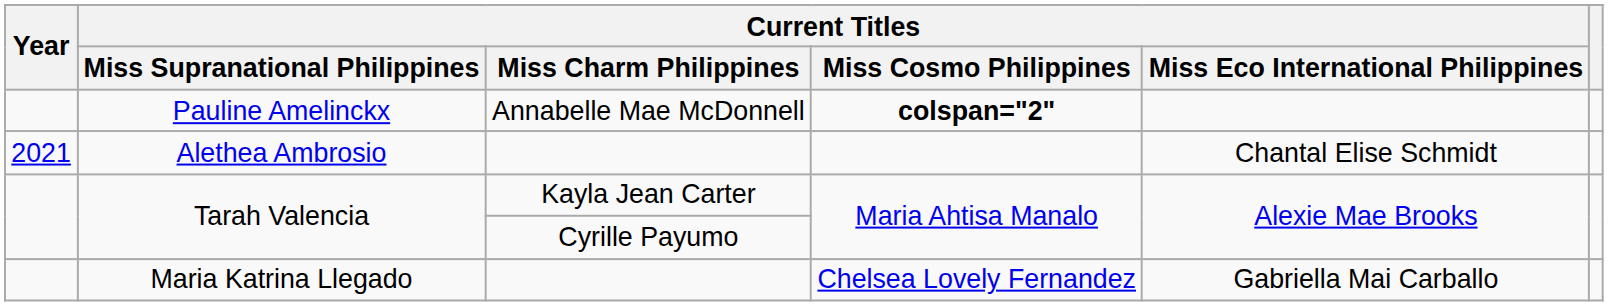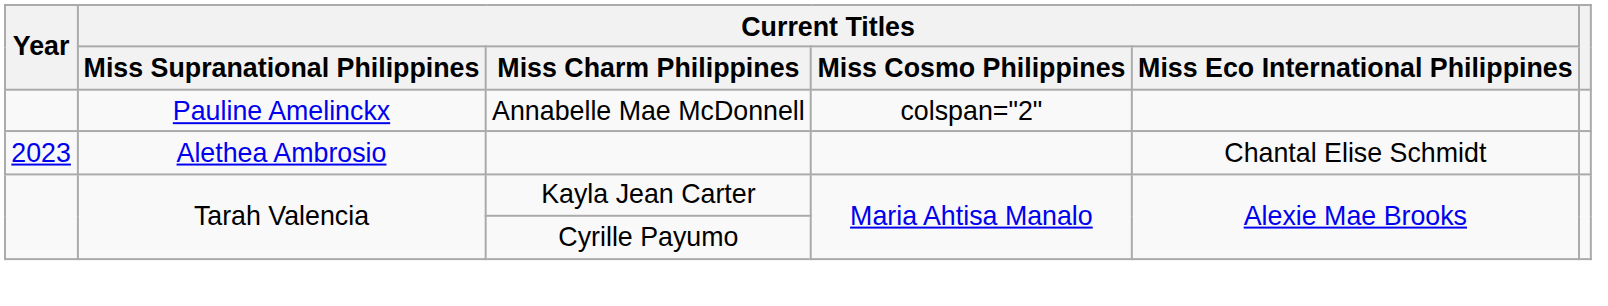 <table class="wikitable" style="text-align:center; font-size:85%">
 <tr>
 <th rowspan="2">Year</th>
 <th colspan="4">Current Titles</th>
 <th rowspan="2"></th>
 </tr>
 <tr>
 <th>Miss Supranational Philippines</th>
 <th>Miss Charm Philippines</th>
 <th>Miss Cosmo Philippines</th>
 <th>Miss Eco International Philippines</th>
 </tr>
 <tr>
 <td></td>
 <td><a href='#'>Pauline Amelinckx</a></td>
 <td>Annabelle Mae McDonnell</td>
-<td><strong>colspan="2" </strong></td>
+<td>colspan="2" </td>
 <td></td>
 </tr>
 <tr>
-<td><a href='#'>2021</a></td>
+<td><a href='#'>2023</a></td>
 <td><a href='#'>Alethea Ambrosio</a></td>
 <td></td>
 <td></td>
 <td>Chantal Elise Schmidt</td>
 <td></td>
 </tr>
 <tr>
 <td rowspan="2"></td>
 <td rowspan="2">Tarah Valencia</td>
 <td>Kayla Jean Carter</td>
 <td rowspan="2"><a href='#'>Maria Ahtisa Manalo</a></td>
 <td rowspan="2"><a href='#'>Alexie Mae Brooks</a></td>
 <td rowspan="2"></td>
 </tr>
 <tr>
 <td>Cyrille Payumo</td>
 </tr>
-<tr>
-<td></td>
-<td>Maria Katrina Llegado</td>
-<td></td>
-<td><a href='#'>Chelsea Lovely Fernandez</a></td>
-<td>Gabriella Mai Carballo</td>
-<td></td>
-</tr>
 </table>
